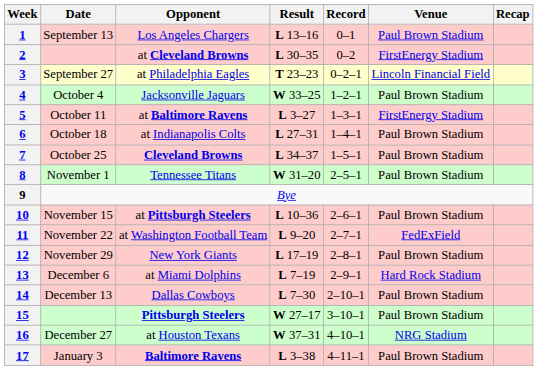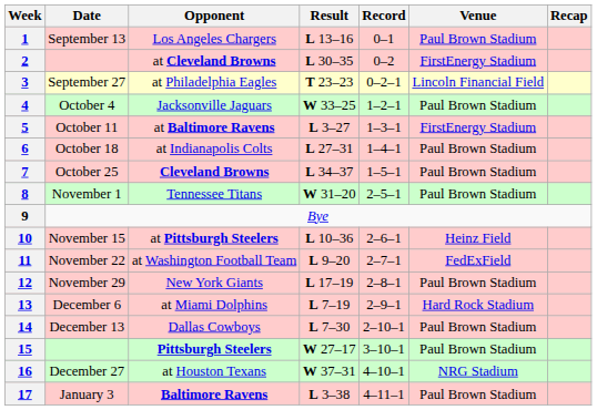 <table class="wikitable" style="text-align:center">
 <tr>
 <th>Week</th>
 <th>Date</th>
 <th>Opponent</th>
 <th>Result</th>
 <th>Record</th>
 <th>Venue</th>
 <th>Recap</th>
 </tr>
 <tr style="background:#fcc">
 <th><a href='#'>1</a></th>
 <td>September 13</td>
 <td><a href='#'>Los Angeles Chargers</a></td>
 <td><strong>L</strong> 13–16</td>
 <td>0–1</td>
 <td><a href='#'>Paul Brown Stadium</a></td>
 <td></td>
 </tr>
 <tr style="background:#fcc">
 <th><a href='#'>2</a></th>
 <td></td>
 <td>at <strong><a href='#'>Cleveland Browns</a></strong></td>
 <td><strong>L</strong> 30–35</td>
 <td>0–2</td>
 <td><a href='#'>FirstEnergy Stadium</a></td>
 <td></td>
 </tr>
 <tr style="background:#ffc">
 <th><a href='#'>3</a></th>
 <td>September 27</td>
 <td>at <a href='#'>Philadelphia Eagles</a></td>
 <td><strong>T</strong> 23–23 </td>
 <td>0–2–1</td>
 <td><a href='#'>Lincoln Financial Field</a></td>
 <td></td>
 </tr>
 <tr style="background:#cfc">
 <th><a href='#'>4</a></th>
 <td>October 4</td>
 <td><a href='#'>Jacksonville Jaguars</a></td>
 <td><strong>W</strong> 33–25</td>
 <td>1–2–1</td>
 <td>Paul Brown Stadium</td>
 <td></td>
 </tr>
 <tr style="background:#fcc">
 <th><a href='#'>5</a></th>
 <td>October 11</td>
 <td>at <strong><a href='#'>Baltimore Ravens</a></strong></td>
 <td><strong>L</strong> 3–27</td>
 <td>1–3–1</td>
 <td><a href='#'>FirstEnergy Stadium</a></td>
 <td></td>
 </tr>
 <tr style="background:#fcc">
 <th><a href='#'>6</a></th>
 <td>October 18</td>
 <td>at <a href='#'>Indianapolis Colts</a></td>
 <td><strong>L</strong> 27–31</td>
 <td>1–4–1</td>
 <td>Paul Brown Stadium</td>
 <td></td>
 </tr>
 <tr style="background:#fcc">
 <th><a href='#'>7</a></th>
 <td>October 25</td>
 <td><strong><a href='#'>Cleveland Browns</a></strong></td>
 <td><strong>L</strong> 34–37</td>
 <td>1–5–1</td>
 <td>Paul Brown Stadium</td>
 <td></td>
 </tr>
 <tr style="background:#cfc">
 <th><a href='#'>8</a></th>
 <td>November 1</td>
 <td><a href='#'>Tennessee Titans</a></td>
 <td><strong>W</strong> 31–20</td>
 <td>2–5–1</td>
 <td>Paul Brown Stadium</td>
 <td></td>
 </tr>
 <tr>
 <th>9</th>
 <td colspan="6"><em><a href='#'>Bye</a></em></td>
 </tr>
 <tr style="background:#fcc">
 <th><a href='#'>10</a></th>
 <td>November 15</td>
 <td>at <strong><a href='#'>Pittsburgh Steelers</a></strong></td>
 <td><strong>L</strong> 10–36</td>
 <td>2–6–1</td>
-<td>Paul Brown Stadium</td>
+<td><a href='#'>Heinz Field</a></td>
 <td></td>
 </tr>
 <tr style="background:#fcc">
 <th><a href='#'>11</a></th>
 <td>November 22</td>
 <td>at <a href='#'>Washington Football Team</a></td>
 <td><strong>L</strong> 9–20</td>
 <td>2–7–1</td>
 <td><a href='#'>FedExField</a></td>
 <td></td>
 </tr>
 <tr style="background:#fcc">
 <th><a href='#'>12</a></th>
 <td>November 29</td>
 <td><a href='#'>New York Giants</a></td>
 <td><strong>L</strong> 17–19</td>
 <td>2–8–1</td>
 <td>Paul Brown Stadium</td>
 <td></td>
 </tr>
 <tr style="background:#fcc">
 <th><a href='#'>13</a></th>
 <td>December 6</td>
 <td>at <a href='#'>Miami Dolphins</a></td>
 <td><strong>L</strong> 7–19</td>
 <td>2–9–1</td>
 <td><a href='#'>Hard Rock Stadium</a></td>
 <td></td>
 </tr>
 <tr style="background:#fcc">
 <th><a href='#'>14</a></th>
 <td>December 13</td>
 <td><a href='#'>Dallas Cowboys</a></td>
 <td><strong>L</strong> 7–30</td>
 <td>2–10–1</td>
 <td>Paul Brown Stadium</td>
 <td></td>
 </tr>
 <tr style="background:#cfc">
 <th><a href='#'>15</a></th>
 <td></td>
 <td><strong><a href='#'>Pittsburgh Steelers</a></strong></td>
 <td><strong>W</strong> 27–17</td>
 <td>3–10–1</td>
 <td>Paul Brown Stadium</td>
 <td></td>
 </tr>
 <tr style="background:#cfc">
 <th><a href='#'>16</a></th>
 <td>December 27</td>
 <td>at <a href='#'>Houston Texans</a></td>
 <td><strong>W</strong> 37–31</td>
 <td>4–10–1</td>
 <td><a href='#'>NRG Stadium</a></td>
 <td></td>
 </tr>
 <tr style="background:#fcc">
 <th><a href='#'>17</a></th>
 <td>January 3</td>
 <td><strong><a href='#'>Baltimore Ravens</a></strong></td>
 <td><strong>L</strong> 3–38</td>
 <td>4–11–1</td>
 <td>Paul Brown Stadium</td>
 <td></td>
 </tr>
 </table>
